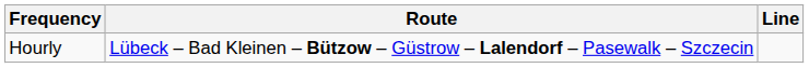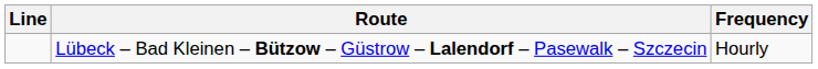 <table class="wikitable">
 <tr class="hintergrundfarbe5">
+<th>Line</th>
+<th>Route</th>
 <th>Frequency</th>
-<th>Route</th>
-<th>Line</th>
 </tr>
 <tr>
+<td></td>
+<td><a href='#'>Lübeck</a> – Bad Kleinen – <strong>Bützow</strong> – <a href='#'>Güstrow</a> – <strong>Lalendorf</strong> – <a href='#'>Pasewalk</a> – <a href='#'>Szczecin</a></td>
 <td>Hourly</td>
-<td><a href='#'>Lübeck</a> – Bad Kleinen – <strong>Bützow</strong> – <a href='#'>Güstrow</a> – <strong>Lalendorf</strong> – <a href='#'>Pasewalk</a> – <a href='#'>Szczecin</a></td>
-<td></td>
 </tr>
 </table>
